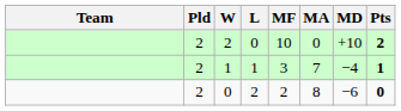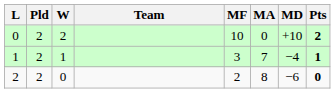 <table class=wikitable style="text-align:center">
 <tr>
-<th width=175>Team</th>
+<th width=20>L</th>
 <th width=20>Pld</th>
 <th width=20>W</th>
-<th width=20>L</th>
+<th width=175>Team</th>
 <th width=20>MF</th>
 <th width=20>MA</th>
 <th width=20>MD</th>
 <th width=20>Pts</th>
 </tr>
 <tr bgcolor=ccffcc>
-<td align=left></td>
+<td>0</td>
 <td>2</td>
 <td>2</td>
-<td>0</td>
+<td align=left></td>
 <td>10</td>
 <td>0</td>
 <td>+10</td>
 <td><strong>2</strong></td>
 </tr>
 <tr bgcolor=ccffcc>
-<td align=left></td>
+<td>1</td>
 <td>2</td>
 <td>1</td>
-<td>1</td>
+<td align=left></td>
 <td>3</td>
 <td>7</td>
 <td>−4</td>
 <td><strong>1</strong></td>
 </tr>
 <tr>
-<td align=left></td>
+<td>2</td>
 <td>2</td>
 <td>0</td>
-<td>2</td>
+<td align=left></td>
 <td>2</td>
 <td>8</td>
 <td>−6</td>
 <td><strong>0</strong></td>
 </tr>
 </table>
